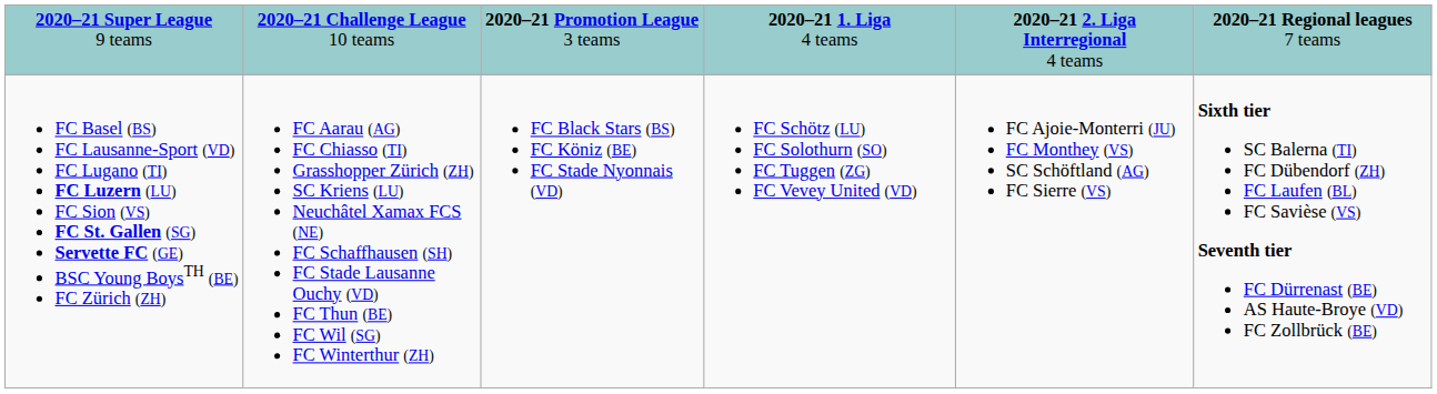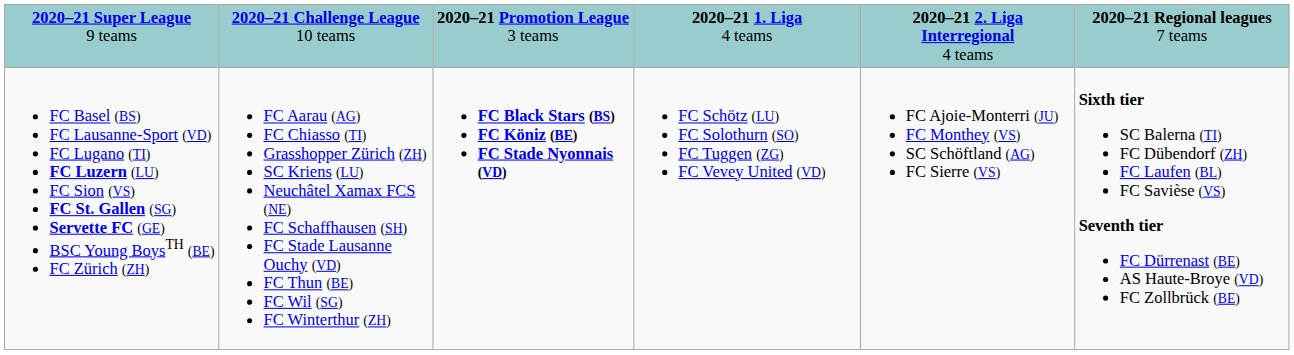 <table class="wikitable">
 <tr style="vertical-align:top; background:#9cc;">
 <td style="text-align:center; width:16%;"><strong><a href='#'>2020–21 Super League</a></strong><br>9 teams</td>
 <td style="text-align:center; width:16%;"><strong><a href='#'>2020–21 Challenge League</a></strong><br>10 teams</td>
 <td style="text-align:center; width:15%;"><strong>2020–21 <a href='#'>Promotion League</a></strong><br>3 teams</td>
 <td style="text-align:center; width:17%;"><strong>2020–21 <a href='#'>1. Liga</a></strong><br>4 teams</td>
 <td style="text-align:center; width:16%;"><strong>2020–21 <a href='#'>2. Liga Interregional</a></strong><br>4 teams</td>
 <td style="text-align:center; width:16%;"><strong>2020–21 Regional leagues</strong><br>7 teams</td>
 </tr>
 <tr valign="top">
 <td><br><ul><li><a href='#'>FC Basel</a> <small>(<a href='#'>BS</a>)</small></li><li><a href='#'>FC Lausanne-Sport</a> <small>(<a href='#'>VD</a>)</small></li><li><a href='#'>FC Lugano</a> <small>(<a href='#'>TI</a>)</small></li><li><strong><a href='#'>FC Luzern</a></strong> <small>(<a href='#'>LU</a>)</small></li><li><a href='#'>FC Sion</a> <small>(<a href='#'>VS</a>)</small></li><li><strong><a href='#'>FC St. Gallen</a></strong> <small>(<a href='#'>SG</a>)</small></li><li><strong><a href='#'>Servette FC</a></strong> <small>(<a href='#'>GE</a>)</small></li><li><a href='#'>BSC Young Boys</a><sup>TH</sup> <small>(<a href='#'>BE</a>)</small></li><li><a href='#'>FC Zürich</a> <small>(<a href='#'>ZH</a>)</small></li></ul></td>
 <td><br><ul><li><a href='#'>FC Aarau</a> <small>(<a href='#'>AG</a>)</small></li><li><a href='#'>FC Chiasso</a> <small>(<a href='#'>TI</a>)</small></li><li><a href='#'>Grasshopper Zürich</a> <small>(<a href='#'>ZH</a>)</small></li><li><a href='#'>SC Kriens</a> <small>(<a href='#'>LU</a>)</small></li><li><a href='#'>Neuchâtel Xamax FCS</a> <small>(<a href='#'>NE</a>)</small></li><li><a href='#'>FC Schaffhausen</a> <small>(<a href='#'>SH</a>)</small></li><li><a href='#'>FC Stade Lausanne Ouchy</a> <small>(<a href='#'>VD</a>)</small></li><li><a href='#'>FC Thun</a> <small>(<a href='#'>BE</a>)</small></li><li><a href='#'>FC Wil</a> <small>(<a href='#'>SG</a>)</small></li><li><a href='#'>FC Winterthur</a> <small>(<a href='#'>ZH</a>)</small></li></ul></td>
-<td><br><ul><li><a href='#'>FC Black Stars</a> <small>(<a href='#'>BS</a>)</small></li><li><a href='#'>FC Köniz</a> <small>(<a href='#'>BE</a>)</small></li><li><a href='#'>FC Stade Nyonnais</a> <small>(<a href='#'>VD</a>)</small></li></ul></td>
+<td><strong><br><ul><li><a href='#'>FC Black Stars</a> <small>(<a href='#'>BS</a>)</small></li><li><a href='#'>FC Köniz</a> <small>(<a href='#'>BE</a>)</small></li><li><a href='#'>FC Stade Nyonnais</a> <small>(<a href='#'>VD</a>)</small></li></ul></strong></td>
 <td><br><ul><li><a href='#'>FC Schötz</a> <small>(<a href='#'>LU</a>)</small></li><li><a href='#'>FC Solothurn</a> <small>(<a href='#'>SO</a>)</small></li><li><a href='#'>FC Tuggen</a> <small>(<a href='#'>ZG</a>)</small></li><li><a href='#'>FC Vevey United</a> <small>(<a href='#'>VD</a>)</small></li></ul></td>
 <td><br><ul><li>FC Ajoie-Monterri <small>(<a href='#'>JU</a>)</small></li><li><a href='#'>FC Monthey</a> <small>(<a href='#'>VS</a>)</small></li><li>SC Schöftland <small>(<a href='#'>AG</a>)</small></li><li>FC Sierre <small>(<a href='#'>VS</a>)</small></li></ul></td>
 <td><br><strong>Sixth tier</strong><ul><li>SC Balerna <small>(<a href='#'>TI</a>)</small></li><li>FC Dübendorf <small>(<a href='#'>ZH</a>)</small></li><li><a href='#'>FC Laufen</a> <small>(<a href='#'>BL</a>)</small></li><li>FC Savièse <small>(<a href='#'>VS</a>)</small></li></ul><strong>Seventh tier</strong><ul><li><a href='#'>FC Dürrenast</a> <small>(<a href='#'>BE</a>)</small></li><li>AS Haute-Broye <small>(<a href='#'>VD</a>)</small></li><li>FC Zollbrück <small>(<a href='#'>BE</a>)</small></li></ul></td>
 </tr>
 </table>
